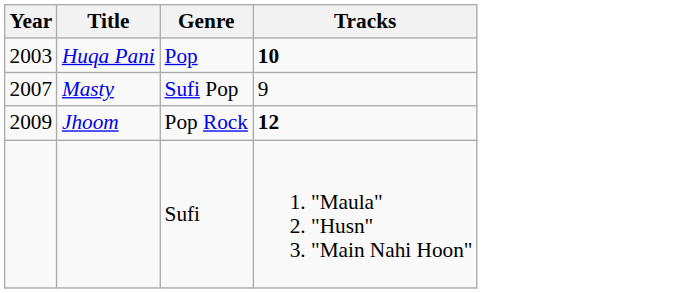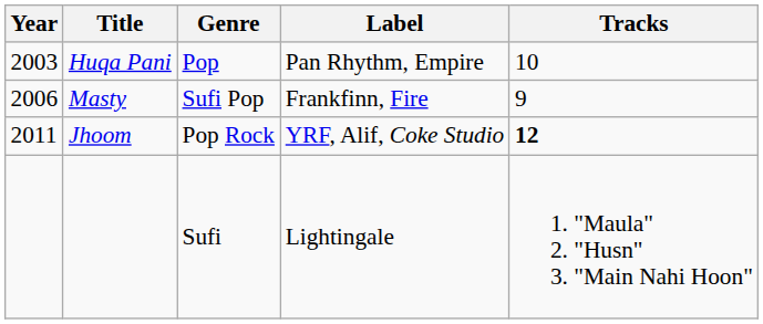 <table class="wikitable">
 <tr>
 <th>Year</th>
 <th>Title</th>
 <th>Genre</th>
+<th>Label</th>
 <th>Tracks</th>
 </tr>
 <tr>
 <td>2003</td>
 <td><em><a href='#'>Huqa Pani</a></em></td>
 <td><a href='#'>Pop</a></td>
-<td><strong>10</strong></td>
+<td>Pan Rhythm, Empire</td>
+<td>10</td>
 </tr>
 <tr>
-<td>2007</td>
+<td>2006</td>
 <td><em><a href='#'>Masty</a></em></td>
 <td><a href='#'>Sufi</a> Pop</td>
+<td>Frankfinn, <a href='#'>Fire</a></td>
 <td>9</td>
 </tr>
 <tr>
-<td>2009</td>
+<td>2011</td>
 <td><em><a href='#'>Jhoom</a></em></td>
 <td>Pop <a href='#'>Rock</a></td>
+<td><a href='#'>YRF</a>, Alif, <em>Coke Studio</em></td>
 <td><strong>12</strong></td>
 </tr>
 <tr>
 <td></td>
 <td> </td>
 <td>Sufi</td>
+<td>Lightingale</td>
 <td><br><ol><li>"Maula"</li><li>"Husn"</li><li>"Main Nahi Hoon"</li></ol></td>
 </tr>
 </table>
